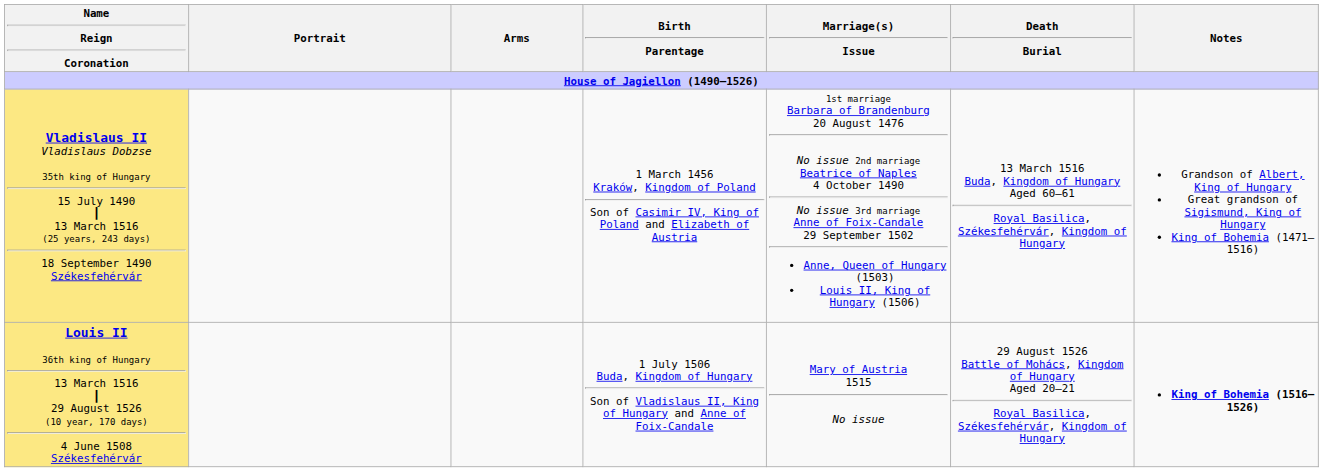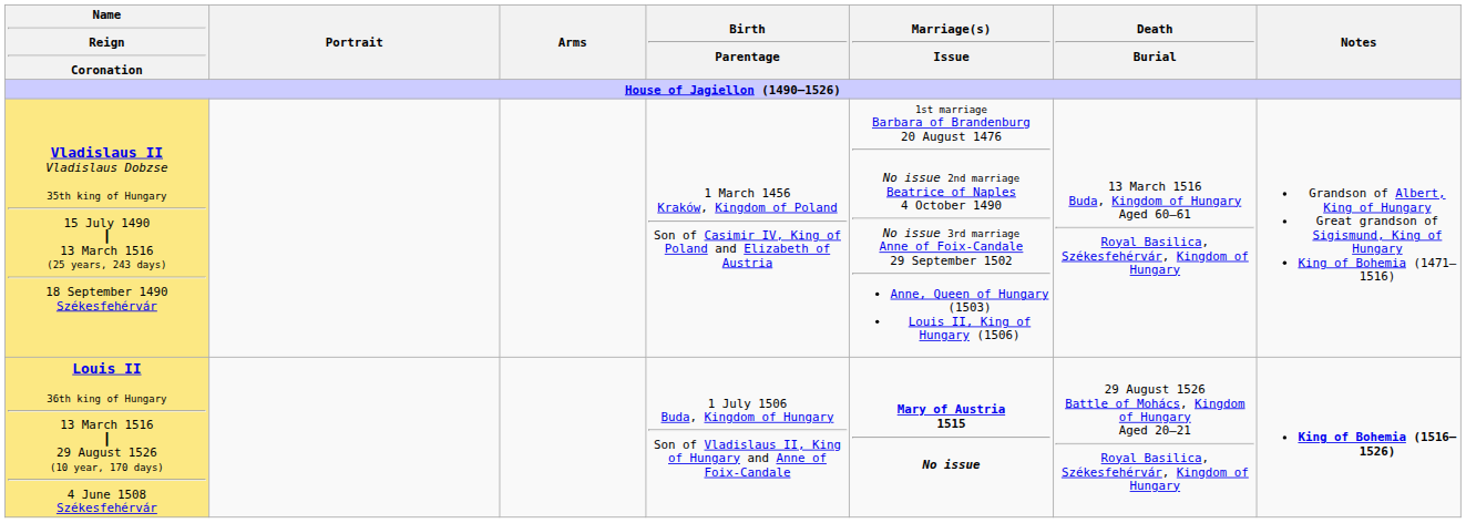 <table style="text-align:Center; width:100%" class="wikitable">
 <tr>
 <th width="14%">Name<hr>Reign<hr>Coronation</th>
 <th width="20%">Portrait</th>
 <th width="10%">Arms</th>
 <th width="14%">Birth<hr>Parentage</th>
 <th width="14%">Marriage(s)<hr>Issue</th>
 <th width="14%">Death<hr>Burial</th>
 <th width="14%">Notes</th>
 </tr>
 <tr>
 <th colspan="7" style="background:#ccccff"><a href='#'>House of Jagiellon</a> (1490–1526)</th>
 </tr>
 <tr>
 <td style="background:#FCE883"><strong><a href='#'><big>Vladislaus II</big></a></strong><br><em>Vladislaus Dobzse</em><br><small></small><br><small>35th king of Hungary</small><hr>15 July 1490<br>┃<br>13 March 1516<br><small>(25 years, 243 days)</small><hr>18 September 1490<br><a href='#'>Székesfehérvár</a></td>
 <td></td>
 <td></td>
 <td>1 March 1456<br><a href='#'>Kraków</a>, <a href='#'>Kingdom of Poland</a><hr>Son of <a href='#'>Casimir IV, King of Poland</a> and <a href='#'>Elizabeth of Austria</a></td>
 <td><small>1st marriage</small><br><a href='#'>Barbara of Brandenburg</a><br>20 August 1476<hr><br><em>No issue</em> <small>2nd marriage</small><br><a href='#'>Beatrice of Naples</a><br>4 October 1490<hr> <em>No issue</em> <small>3rd marriage</small><br><a href='#'>Anne of Foix-Candale</a><br>29 September 1502<hr><ul><li><a href='#'>Anne, Queen of Hungary</a> (1503)</li><li><a href='#'>Louis II, King of Hungary</a> (1506)</li></ul></td>
 <td>13 March 1516<br><a href='#'>Buda</a>, <a href='#'>Kingdom of Hungary</a><br>Aged 60–61<hr><a href='#'>Royal Basilica</a>, <a href='#'>Székesfehérvár</a>, <a href='#'>Kingdom of Hungary</a></td>
 <td><br><ul><li>Grandson of <a href='#'>Albert, King of Hungary</a></li><li>Great grandson of <a href='#'>Sigismund, King of Hungary</a></li><li><a href='#'>King of Bohemia</a> (1471–1516)</li></ul></td>
 </tr>
 <tr>
 <td style="background:#FCE883"><strong><a href='#'><big>Louis II</big></a></strong><br><small></small><br><small>36th king of Hungary</small><hr>13 March 1516<br>┃<br>29 August 1526<br><small>(10 year, 170 days)</small><hr>4 June 1508<br><a href='#'>Székesfehérvár</a></td>
 <td></td>
 <td></td>
 <td>1 July 1506<br><a href='#'>Buda</a>, <a href='#'>Kingdom of Hungary</a><hr>Son of <a href='#'>Vladislaus II, King of Hungary</a> and <a href='#'>Anne of Foix-Candale</a></td>
-<td><a href='#'>Mary of Austria</a><br>1515<hr><br><em>No issue</em></td>
+<td><strong><a href='#'>Mary of Austria</a><br>1515<hr><br><em>No issue</em></strong></td>
 <td>29 August 1526<br><a href='#'>Battle of Mohács</a>, <a href='#'>Kingdom of Hungary</a><br>Aged 20–21<hr><a href='#'>Royal Basilica</a>, <a href='#'>Székesfehérvár</a>, <a href='#'>Kingdom of Hungary</a></td>
 <td><strong><br><ul><li><a href='#'>King of Bohemia</a> (1516–1526)</li></ul></strong></td>
 </tr>
 </table>
